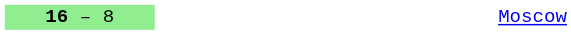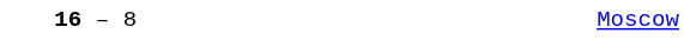 <table style="text-align:center">
 <tr>
 <th width=200></th>
 <th width=100></th>
 <th width=200></th>
 <th width=100></th>
 </tr>
 <tr>
 <td align=right><strong></strong></td>
-<td style="background: lightgreen;"><strong>16</strong> – 8</td>
+<td><strong>16</strong> – 8</td>
 <td align=left></td>
 <td><a href='#'>Moscow</a></td>
 </tr>
 </table>
